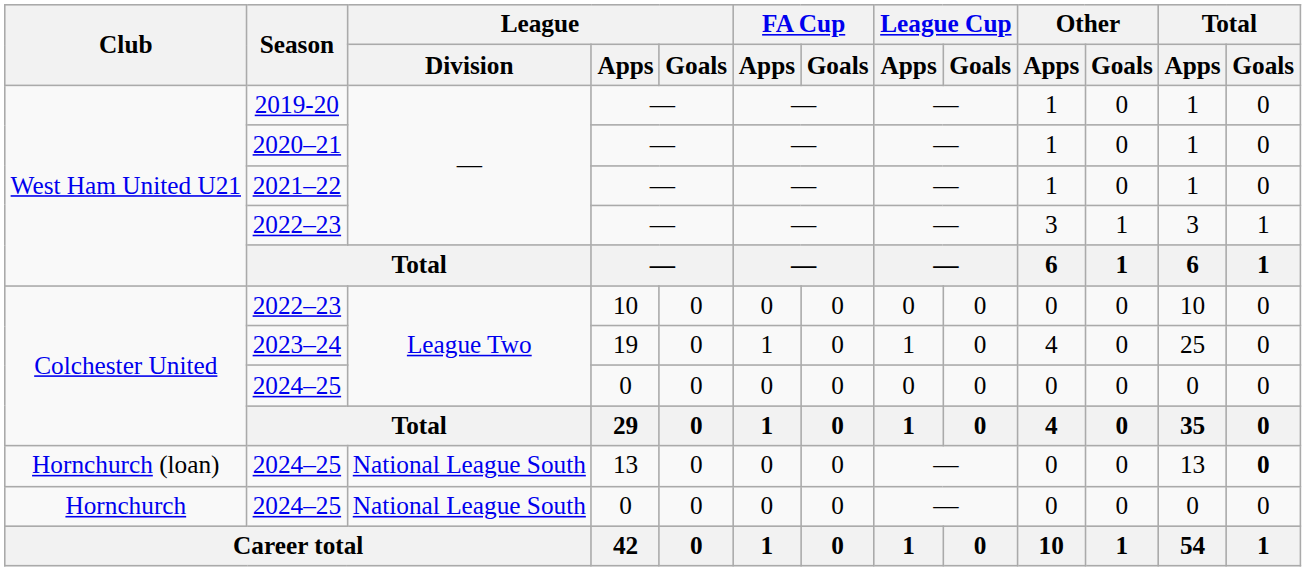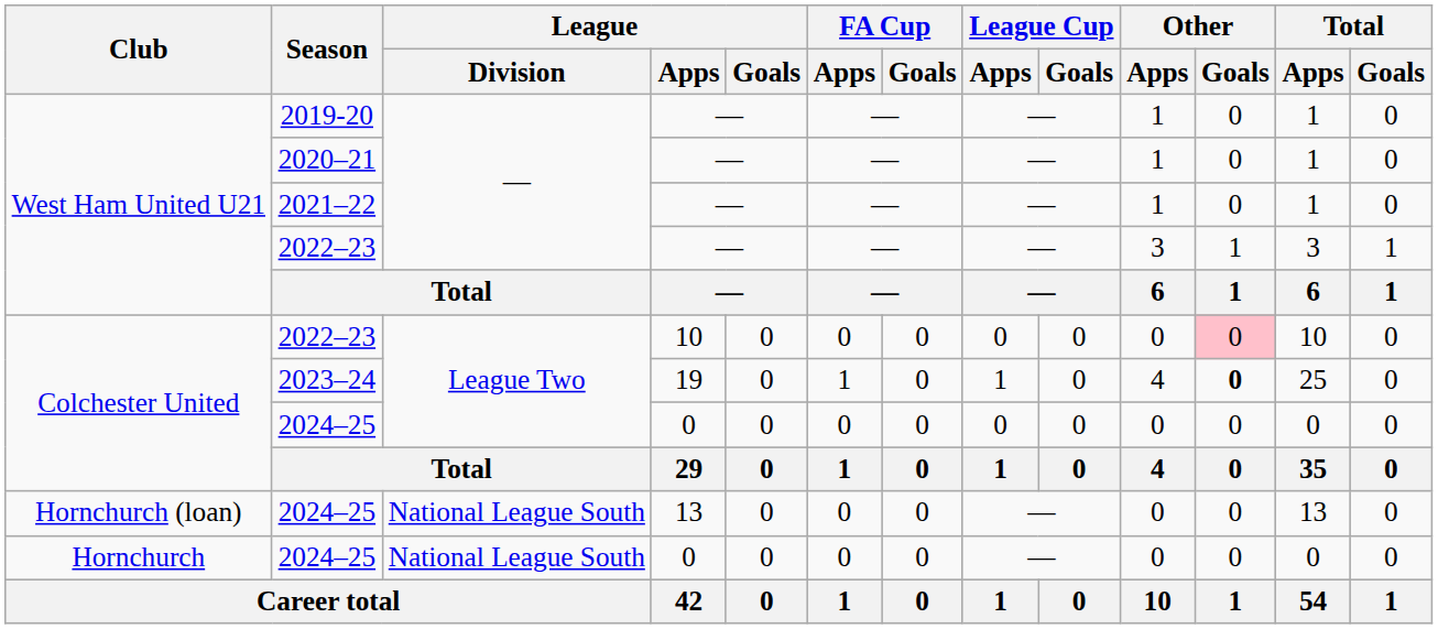 <table class="wikitable" style="text-align:center">
 <tr>
 <th rowspan="2">Club</th>
 <th rowspan="2">Season</th>
 <th colspan="3">League</th>
 <th colspan="2"><a href='#'>FA Cup</a></th>
 <th colspan="2"><a href='#'>League Cup</a></th>
 <th colspan="2">Other</th>
 <th colspan="2">Total</th>
 </tr>
 <tr>
 <th>Division</th>
 <th>Apps</th>
 <th>Goals</th>
 <th>Apps</th>
 <th>Goals</th>
 <th>Apps</th>
 <th>Goals</th>
 <th>Apps</th>
 <th>Goals</th>
 <th>Apps</th>
 <th>Goals</th>
 </tr>
 <tr>
 <td rowspan="5"><a href='#'>West Ham United U21</a></td>
 <td><a href='#'>2019-20</a></td>
 <td rowspan="4">—</td>
 <td colspan="2">—</td>
 <td colspan="2">—</td>
 <td colspan="2">—</td>
 <td>1</td>
 <td>0</td>
 <td>1</td>
 <td>0</td>
 </tr>
 <tr>
 <td><a href='#'>2020–21</a></td>
 <td colspan="2">—</td>
 <td colspan="2">—</td>
 <td colspan="2">—</td>
 <td>1</td>
 <td>0</td>
 <td>1</td>
 <td>0</td>
 </tr>
 <tr>
 <td><a href='#'>2021–22</a></td>
 <td colspan="2">—</td>
 <td colspan="2">—</td>
 <td colspan="2">—</td>
 <td>1</td>
 <td>0</td>
 <td>1</td>
 <td>0</td>
 </tr>
 <tr>
 <td><a href='#'>2022–23</a></td>
 <td colspan="2">—</td>
 <td colspan="2">—</td>
 <td colspan="2">—</td>
 <td>3</td>
 <td>1</td>
 <td>3</td>
 <td>1</td>
 </tr>
 <tr>
 <th colspan=2>Total</th>
 <th colspan="2">—</th>
 <th colspan="2">—</th>
 <th colspan="2">—</th>
 <th>6</th>
 <th>1</th>
 <th>6</th>
 <th>1</th>
 </tr>
 <tr>
 <td rowspan="4"><a href='#'>Colchester United</a></td>
 <td><a href='#'>2022–23</a></td>
 <td rowspan="3"><a href='#'>League Two</a></td>
 <td>10</td>
 <td>0</td>
 <td>0</td>
 <td>0</td>
 <td>0</td>
 <td>0</td>
 <td>0</td>
-<td>0</td>
+<td style="background: pink;">0</td>
 <td>10</td>
 <td>0</td>
 </tr>
 <tr>
 <td><a href='#'>2023–24</a></td>
 <td>19</td>
 <td>0</td>
 <td>1</td>
 <td>0</td>
 <td>1</td>
 <td>0</td>
 <td>4</td>
-<td>0</td>
+<td><strong>0</strong></td>
 <td>25</td>
 <td>0</td>
 </tr>
 <tr>
 <td><a href='#'>2024–25</a></td>
 <td>0</td>
 <td>0</td>
 <td>0</td>
 <td>0</td>
 <td>0</td>
 <td>0</td>
 <td>0</td>
 <td>0</td>
 <td>0</td>
 <td>0</td>
 </tr>
 <tr>
 <th colspan=2>Total</th>
 <th>29</th>
 <th>0</th>
 <th>1</th>
 <th>0</th>
 <th>1</th>
 <th>0</th>
 <th>4</th>
 <th>0</th>
 <th>35</th>
 <th>0</th>
 </tr>
 <tr>
 <td><a href='#'>Hornchurch</a> (loan)</td>
 <td><a href='#'>2024–25</a></td>
 <td><a href='#'>National League South</a></td>
 <td>13</td>
 <td>0</td>
 <td>0</td>
 <td>0</td>
 <td colspan="2">—</td>
 <td>0</td>
 <td>0</td>
 <td>13</td>
-<td><strong>0</strong></td>
+<td>0</td>
 </tr>
 <tr>
 <td><a href='#'>Hornchurch</a></td>
 <td><a href='#'>2024–25</a></td>
 <td><a href='#'>National League South</a></td>
 <td>0</td>
 <td>0</td>
 <td>0</td>
 <td>0</td>
 <td colspan="2">—</td>
 <td>0</td>
 <td>0</td>
 <td>0</td>
 <td>0</td>
 </tr>
 <tr>
 <th colspan=3>Career total</th>
 <th>42</th>
 <th>0</th>
 <th>1</th>
 <th>0</th>
 <th>1</th>
 <th>0</th>
 <th>10</th>
 <th>1</th>
 <th>54</th>
 <th>1</th>
 </tr>
 </table>
